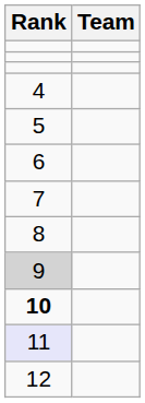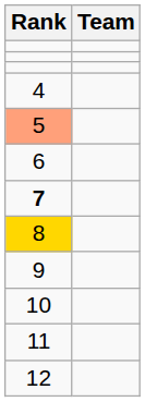 <table class="wikitable" style="text-align:center;">
 <tr>
 <th width=40>Rank</th>
 <th>Team</th>
 </tr>
 <tr>
 <td></td>
 <td style="text-align:left;"></td>
 </tr>
 <tr>
 <td></td>
 <td style="text-align:left;"></td>
 </tr>
 <tr>
 <td></td>
 <td style="text-align:left;"></td>
 </tr>
 <tr>
 <td>4</td>
 <td style="text-align:left;"></td>
 </tr>
 <tr>
-<td>5</td>
+<td style="background: lightsalmon;">5</td>
 <td style="text-align:left;"></td>
 </tr>
 <tr>
 <td>6</td>
 <td style="text-align:left;"></td>
 </tr>
 <tr>
-<td>7</td>
+<td><strong>7</strong></td>
 <td style="text-align:left;"></td>
 </tr>
 <tr>
-<td>8</td>
+<td style="background: gold;">8</td>
 <td style="text-align:left;"></td>
 </tr>
 <tr>
-<td style="background: lightgrey;">9</td>
+<td>9</td>
 <td style="text-align:left;"></td>
 </tr>
 <tr>
-<td><strong>10</strong></td>
+<td>10</td>
 <td style="text-align:left;"></td>
 </tr>
 <tr>
-<td style="background: lavender;">11</td>
+<td>11</td>
 <td style="text-align:left;"></td>
 </tr>
 <tr>
 <td>12</td>
 <td style="text-align:left;"></td>
 </tr>
 </table>
